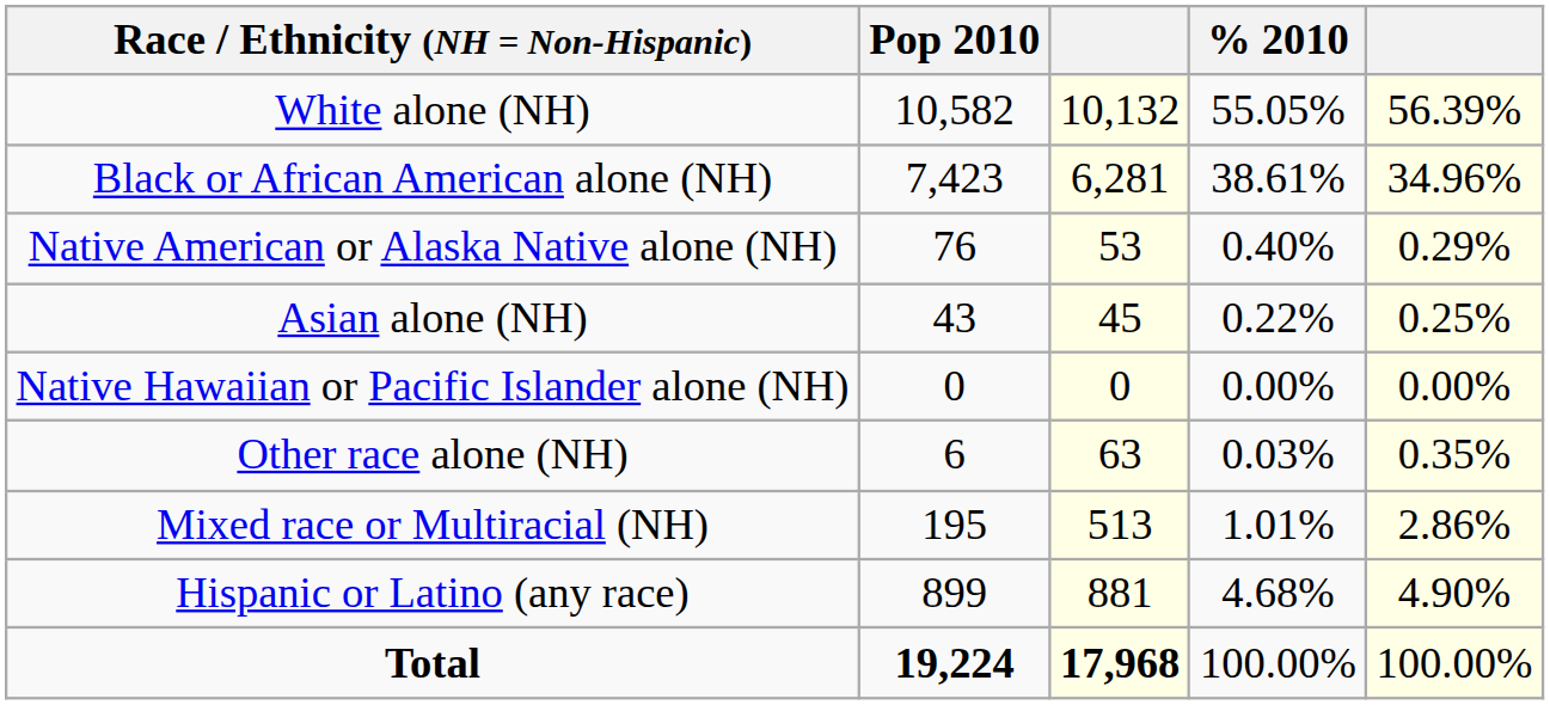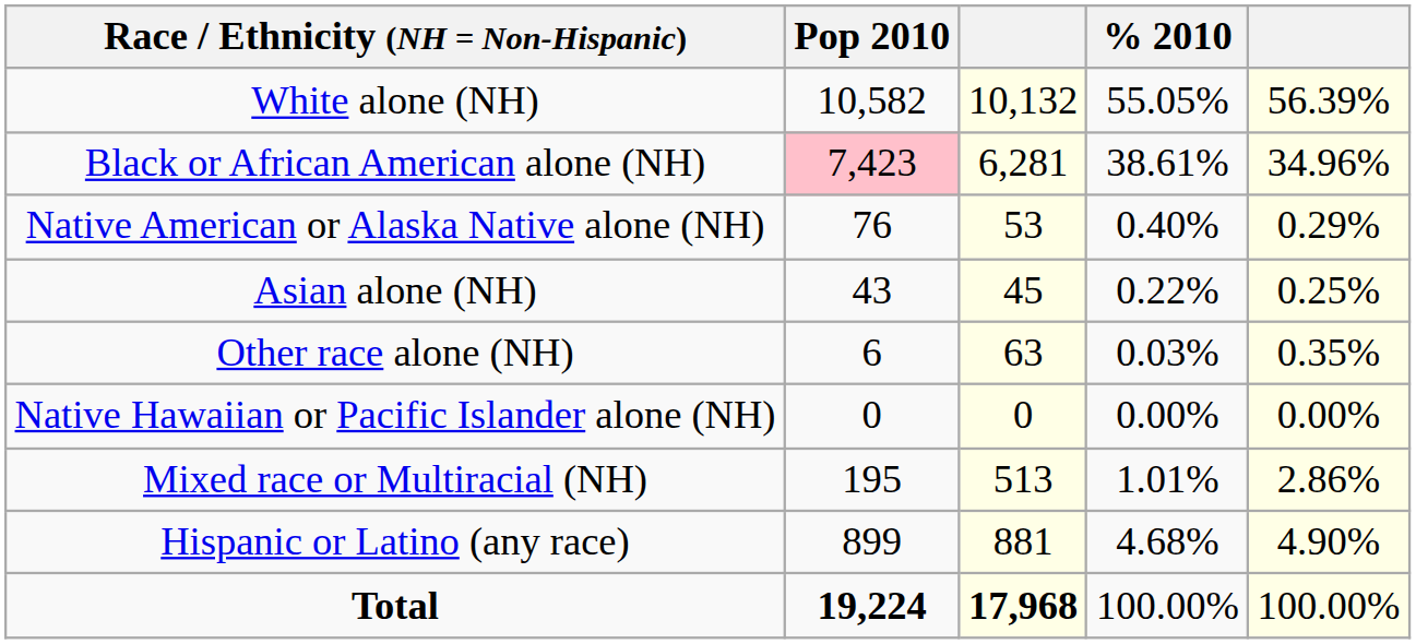 <table class="wikitable" style="text-align:center;">
 <tr>
 <th>Race / Ethnicity <small>(<em>NH = Non-Hispanic</em>)</small></th>
 <th>Pop 2010</th>
 <th></th>
 <th>% 2010</th>
 <th></th>
 </tr>
 <tr>
 <td><a href='#'>White</a> alone (NH)</td>
 <td>10,582</td>
 <td style='background: #ffffe6;'>10,132</td>
 <td>55.05%</td>
 <td style='background: #ffffe6;'>56.39%</td>
 </tr>
 <tr>
 <td><a href='#'>Black or African American</a> alone (NH)</td>
-<td>7,423</td>
+<td style="background: pink;">7,423</td>
 <td style='background: #ffffe6;'>6,281</td>
 <td>38.61%</td>
 <td style='background: #ffffe6;'>34.96%</td>
 </tr>
 <tr>
 <td><a href='#'>Native American</a> or <a href='#'>Alaska Native</a> alone (NH)</td>
 <td>76</td>
 <td style='background: #ffffe6;'>53</td>
 <td>0.40%</td>
 <td style='background: #ffffe6;'>0.29%</td>
 </tr>
 <tr>
 <td><a href='#'>Asian</a> alone (NH)</td>
 <td>43</td>
 <td style='background: #ffffe6;'>45</td>
 <td>0.22%</td>
 <td style='background: #ffffe6;'>0.25%</td>
 </tr>
 <tr>
+<td><a href='#'>Other race</a> alone (NH)</td>
+<td>6</td>
+<td style='background: #ffffe6;'>63</td>
+<td>0.03%</td>
+<td style='background: #ffffe6;'>0.35%</td>
+</tr>
+<tr>
 <td><a href='#'>Native Hawaiian</a> or <a href='#'>Pacific Islander</a> alone (NH)</td>
 <td>0</td>
 <td style='background: #ffffe6;'>0</td>
 <td>0.00%</td>
 <td style='background: #ffffe6;'>0.00%</td>
-</tr>
-<tr>
-<td><a href='#'>Other race</a> alone (NH)</td>
-<td>6</td>
-<td style='background: #ffffe6;'>63</td>
-<td>0.03%</td>
-<td style='background: #ffffe6;'>0.35%</td>
 </tr>
 <tr>
 <td><a href='#'>Mixed race or Multiracial</a> (NH)</td>
 <td>195</td>
 <td style='background: #ffffe6;'>513</td>
 <td>1.01%</td>
 <td style='background: #ffffe6;'>2.86%</td>
 </tr>
 <tr>
 <td><a href='#'>Hispanic or Latino</a> (any race)</td>
 <td>899</td>
 <td style='background: #ffffe6;'>881</td>
 <td>4.68%</td>
 <td style='background: #ffffe6;'>4.90%</td>
 </tr>
 <tr>
 <td><strong>Total</strong></td>
 <td><strong>19,224</strong></td>
 <td style='background: #ffffe6;'><strong>17,968</strong></td>
 <td>100.00%</td>
 <td style='background: #ffffe6;'>100.00%</td>
 </tr>
 </table>
